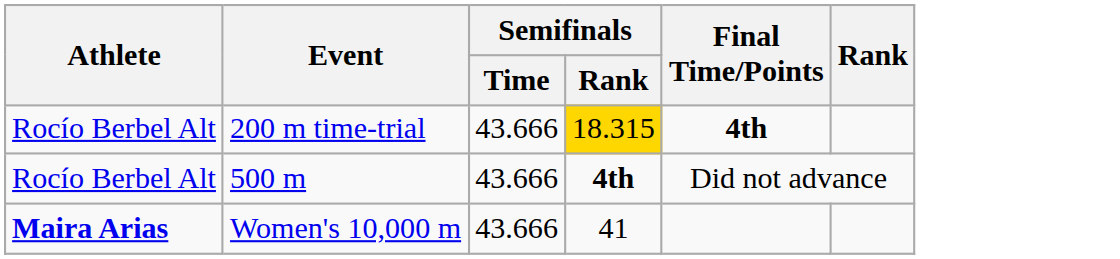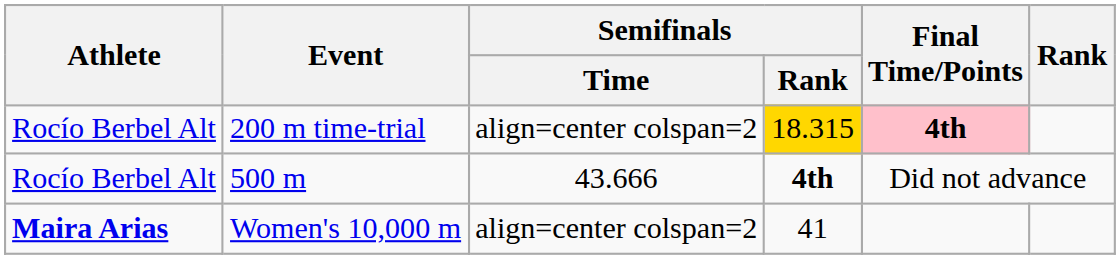 <table class=wikitable style="font-size:90%">
 <tr>
 <th rowspan=2>Athlete</th>
 <th rowspan=2>Event</th>
 <th colspan=2>Semifinals</th>
 <th rowspan=2>Final<br>Time/Points</th>
 <th rowspan=2>Rank</th>
 </tr>
 <tr>
 <th>Time</th>
 <th>Rank</th>
 </tr>
 <tr>
 <td><a href='#'>Rocío Berbel Alt</a></td>
 <td><a href='#'>200 m time-trial</a></td>
-<td align=center>43.666</td>
+<td>align=center colspan=2 </td>
 <td align=center style="background: gold;">18.315</td>
-<td align=center><strong>4th</strong></td>
+<td align=center style="background: pink;"><strong>4th</strong></td>
 </tr>
 <tr>
 <td><a href='#'>Rocío Berbel Alt</a></td>
 <td><a href='#'>500 m</a></td>
 <td align=center>43.666</td>
 <td align=center><strong>4th</strong></td>
 <td align="center" colspan="2">Did not advance</td>
 </tr>
 <tr>
 <td><strong><a href='#'>Maira Arias</a></strong></td>
 <td><a href='#'>Women's 10,000 m</a></td>
-<td align=center>43.666</td>
+<td>align=center colspan=2 </td>
 <td align=center>41</td>
 <td align=center></td>
 </tr>
 </table>
